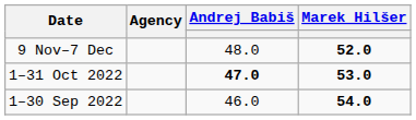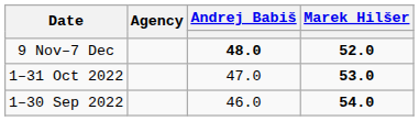 <table class="wikitable" style=text-align:center;font-size:85%;line-height:14px;">
 <tr>
 <th rowspan="2">Date</th>
 <th rowspan="2">Agency</th>
 <th><a href='#'>Andrej Babiš</a></th>
 <th><a href='#'>Marek Hilšer</a></th>
 </tr>
 <tr>
 <th style="background:"></th>
 <th style="background:"></th>
 </tr>
 <tr>
 <td>9 Nov–7 Dec</td>
 <td></td>
-<td>48.0</td>
+<td><strong>48.0</strong></td>
 <td><strong>52.0</strong></td>
 </tr>
 <tr>
 <td>1–31 Oct 2022</td>
 <td></td>
-<td><strong>47.0</strong></td>
+<td>47.0</td>
 <td><strong>53.0</strong></td>
 </tr>
 <tr>
 <td>1–30 Sep 2022</td>
 <td></td>
 <td>46.0</td>
 <td><strong>54.0</strong></td>
 </tr>
 </table>
